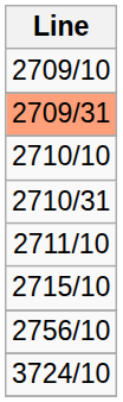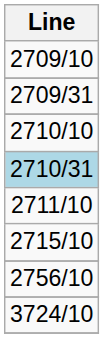 <table class="wikitable">
 <tr>
 <th align="center">Line</th>
 </tr>
 <tr>
 <td align="center">2709/10</td>
 </tr>
 <tr>
 </tr>
 <tr>
-<td align="center" style="background: lightsalmon;">2709/31</td>
+<td align="center">2709/31</td>
 </tr>
 <tr>
 </tr>
 <tr>
 <td align="center">2710/10</td>
 </tr>
 <tr>
-<td align="center">2710/31</td>
+<td align="center" style="background: lightblue;">2710/31</td>
 </tr>
 <tr>
 <td align="center">2711/10</td>
 </tr>
 <tr>
 <td align="center">2715/10</td>
 </tr>
 <tr>
 </tr>
 <tr>
 <td align="center">2756/10</td>
 </tr>
 <tr>
 </tr>
 <tr>
 <td align="center">3724/10</td>
 </tr>
 <tr>
 </tr>
 </table>
